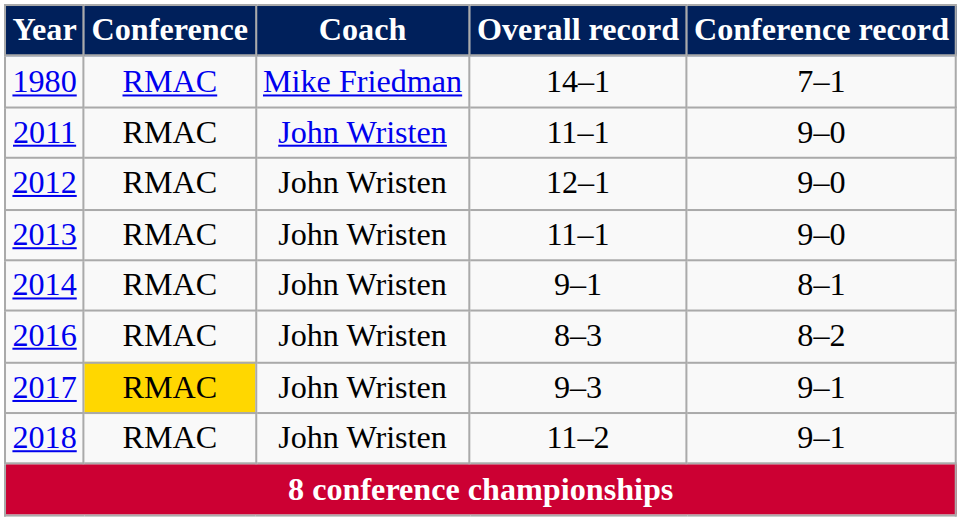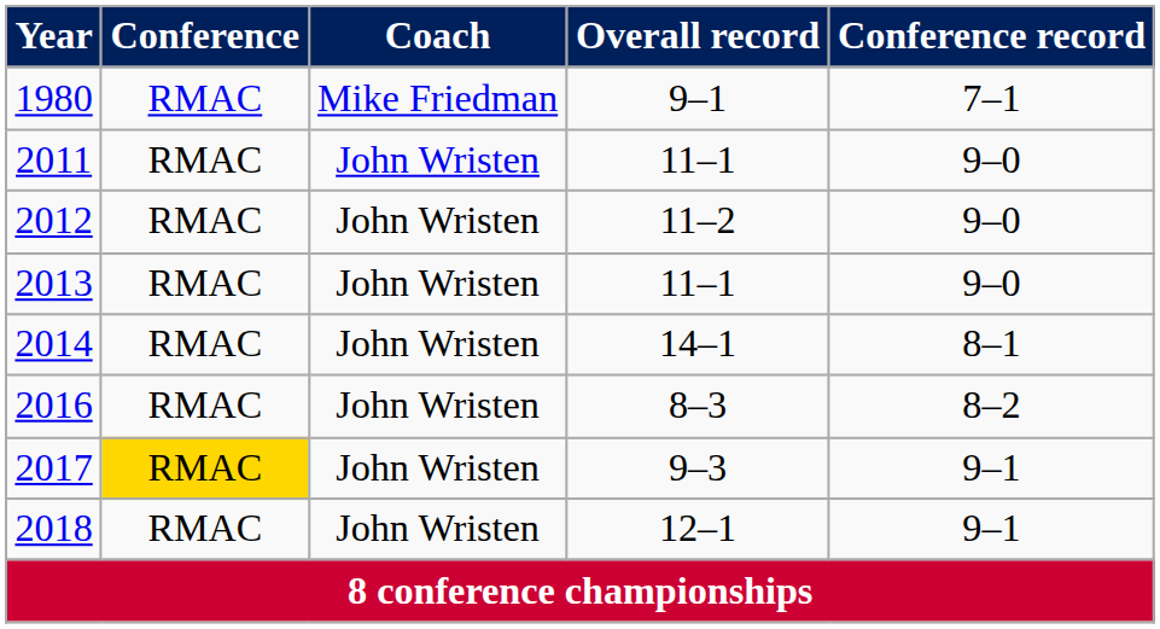 <table class="wikitable" style="text-align:center;">
 <tr>
 <th style="background:#00205b;color:#FFFFFF;">Year</th>
 <th style="background:#00205b;color:#FFFFFF;">Conference</th>
 <th style="background:#00205b;color:#FFFFFF;">Coach</th>
 <th style="background:#00205b;color:#FFFFFF;">Overall record</th>
 <th style="background:#00205b;color:#FFFFFF;">Conference record</th>
 </tr>
 <tr>
 <td><a href='#'>1980</a></td>
 <td><a href='#'>RMAC</a></td>
 <td><a href='#'>Mike Friedman</a></td>
-<td>14–1</td>
+<td>9–1</td>
 <td>7–1</td>
 </tr>
 <tr>
 <td><a href='#'>2011</a></td>
 <td>RMAC</td>
 <td><a href='#'>John Wristen</a></td>
 <td>11–1</td>
 <td>9–0</td>
 </tr>
 <tr>
 <td><a href='#'>2012</a></td>
 <td>RMAC</td>
 <td>John Wristen</td>
-<td>12–1</td>
+<td>11–2</td>
 <td>9–0</td>
 </tr>
 <tr>
 <td><a href='#'>2013</a></td>
 <td>RMAC</td>
 <td>John Wristen</td>
 <td>11–1</td>
 <td>9–0</td>
 </tr>
 <tr>
 <td><a href='#'>2014</a></td>
 <td>RMAC</td>
 <td>John Wristen</td>
-<td>9–1</td>
+<td>14–1</td>
 <td>8–1</td>
 </tr>
 <tr>
 <td><a href='#'>2016</a></td>
 <td>RMAC</td>
 <td>John Wristen</td>
 <td>8–3</td>
 <td>8–2</td>
 </tr>
 <tr>
 <td><a href='#'>2017</a></td>
 <td style="background: gold;">RMAC</td>
 <td>John Wristen</td>
 <td>9–3</td>
 <td>9–1</td>
 </tr>
 <tr>
 <td><a href='#'>2018</a></td>
 <td>RMAC</td>
 <td>John Wristen</td>
-<td>11–2</td>
+<td>12–1</td>
 <td>9–1</td>
 </tr>
 <tr>
 <td colspan="6" style="background:#cc0033;color:#FFFFFF;"><strong>8 conference championships</strong></td>
 </tr>
 </table>
